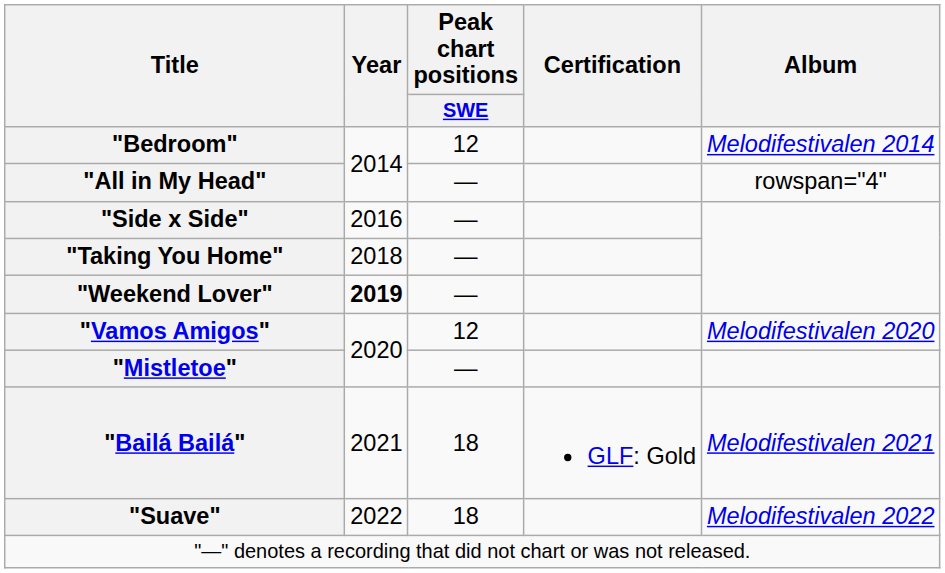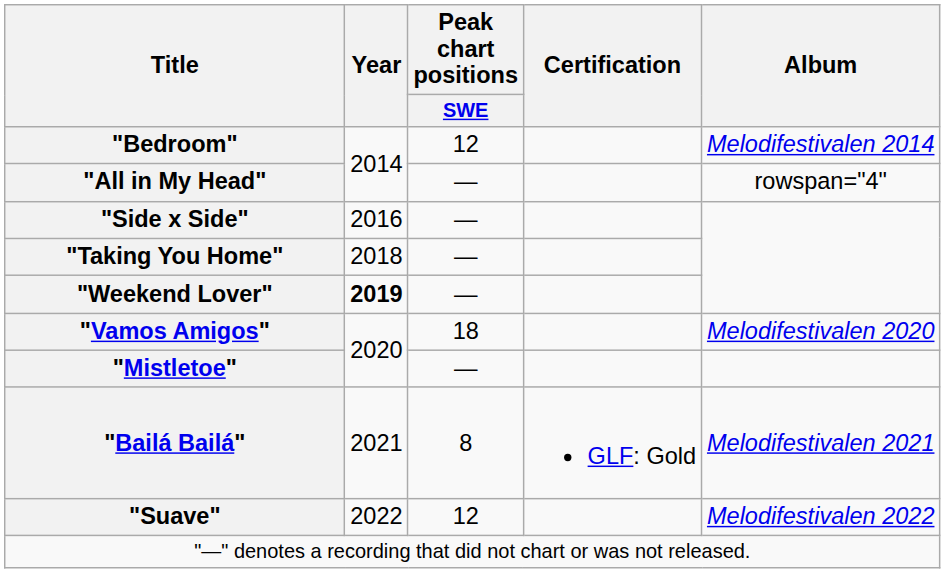 <table class="wikitable plainrowheaders" style="text-align:center;">
 <tr>
 <th scope="col" rowspan="2" style="width:14em;">Title</th>
 <th scope="col" rowspan="2" style="width:1em;">Year</th>
 <th scope="col" colspan="1">Peak chart positions</th>
 <th scope="col" rowspan="2">Certification</th>
 <th scope="col" rowspan="2">Album</th>
 </tr>
 <tr>
 <th scope="col" style="width:3em;font-size:85%;"><a href='#'>SWE</a><br></th>
 </tr>
 <tr>
 <th scope="row">"Bedroom"</th>
 <td rowspan="2">2014</td>
 <td>12</td>
 <td></td>
 <td><em><a href='#'>Melodifestivalen 2014</a></em></td>
 </tr>
 <tr>
 <th scope="row">"All in My Head"</th>
 <td>—</td>
 <td></td>
 <td>rowspan="4" </td>
 </tr>
 <tr>
 <th scope="row">"Side x Side"</th>
 <td>2016</td>
 <td>—</td>
 <td></td>
 </tr>
 <tr>
 <th scope="row">"Taking You Home"</th>
 <td>2018</td>
 <td>—</td>
 <td></td>
 </tr>
 <tr>
 <th scope="row">"Weekend Lover"</th>
 <td><strong>2019</strong></td>
 <td>—</td>
 <td></td>
 </tr>
 <tr>
 <th scope="row">"<a href='#'>Vamos Amigos</a>"<br></th>
 <td rowspan="2">2020</td>
-<td>12</td>
+<td>18<br></td>
 <td></td>
 <td><em><a href='#'>Melodifestivalen 2020</a></em></td>
 </tr>
 <tr>
 <th scope="row">"<a href='#'>Mistletoe</a>"</th>
 <td>—</td>
 <td></td>
 <td></td>
 </tr>
 <tr>
 <th scope="row">"<a href='#'>Bailá Bailá</a>"</th>
 <td>2021</td>
-<td>18<br></td>
+<td>8</td>
 <td><br><ul><li><a href='#'>GLF</a>: Gold</li></ul></td>
 <td><em><a href='#'>Melodifestivalen 2021</a></em></td>
 </tr>
 <tr>
 <th scope="row">"Suave"</th>
 <td>2022</td>
-<td>18<br></td>
+<td>12</td>
 <td></td>
 <td><em><a href='#'>Melodifestivalen 2022</a></em></td>
 </tr>
 <tr>
 <td style="font-size:85%;" colspan="22">"—" denotes a recording that did not chart or was not released.</td>
 </tr>
 </table>
